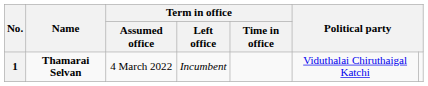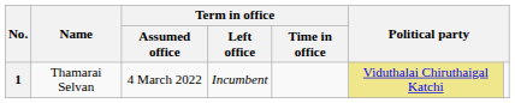 <table class="wikitable" style="text-align:center">
 <tr>
 <th rowspan="2">No.</th>
 <th rowspan="2">Name</th>
 <th colspan="3">Term in office</th>
 <th colspan="2" rowspan="2">Political party</th>
 </tr>
 <tr>
 <th>Assumed office</th>
 <th>Left office</th>
 <th>Time in office</th>
 </tr>
 <tr>
 <th>1</th>
-<td><strong>Thamarai Selvan</strong></td>
+<td>Thamarai Selvan</td>
 <td>4 March 2022</td>
 <td><em>Incumbent</em></td>
 <td></td>
-<td><a href='#'>Viduthalai Chiruthaigal Katchi</a></td>
+<td style="background: khaki;"><a href='#'>Viduthalai Chiruthaigal Katchi</a></td>
 <td style="background:"></td>
 </tr>
 </table>
